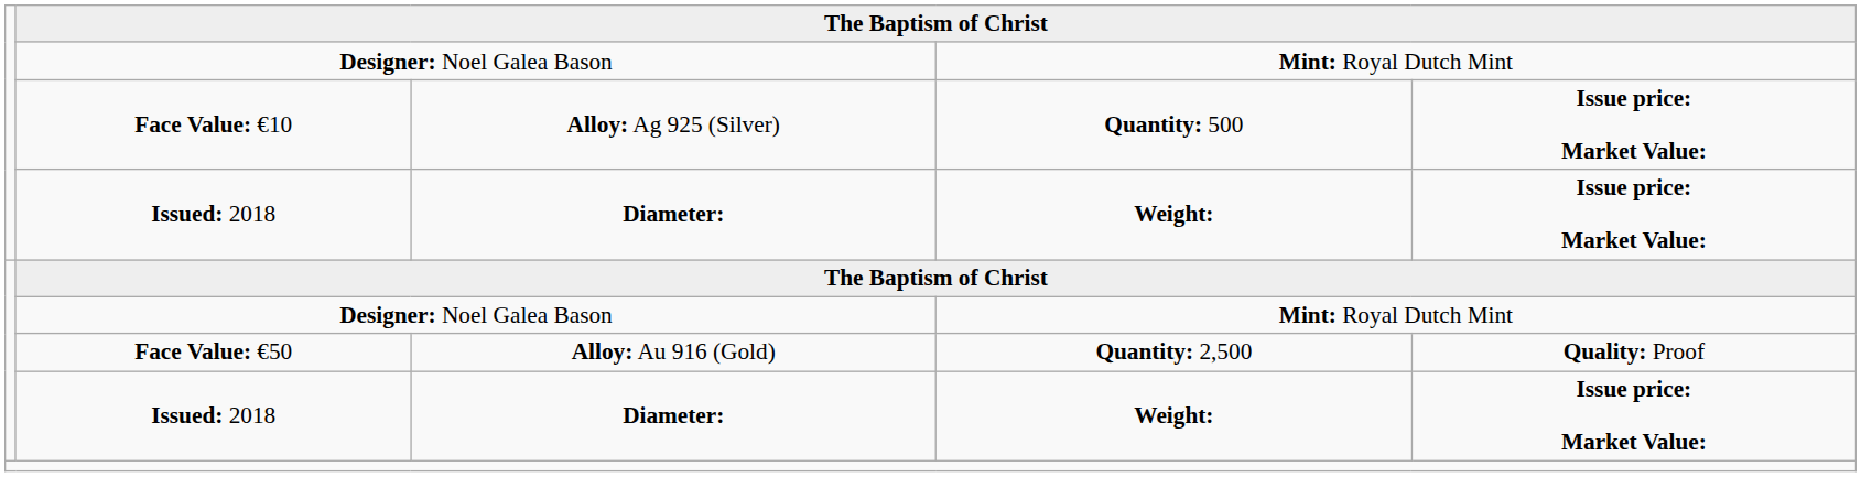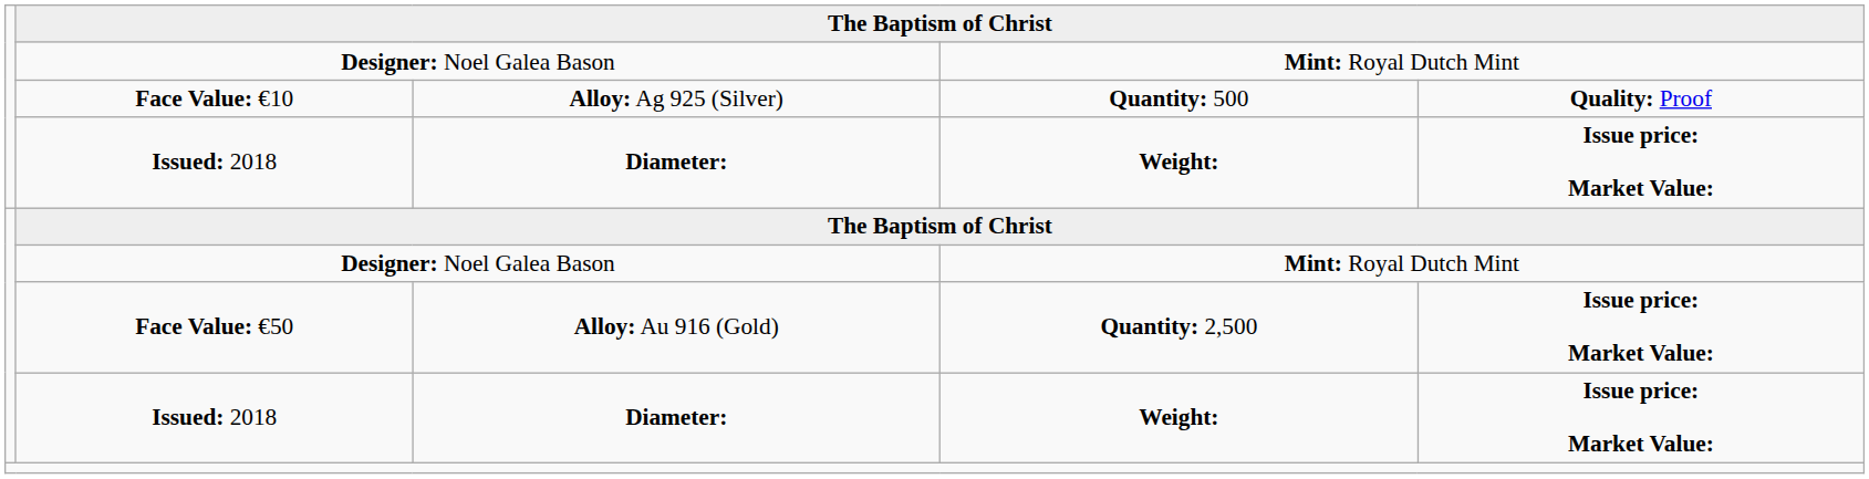 <table class="wikitable" width=100%>
 <tr>
 <td rowspan=4 width="330px" nowrap align=center></td>
 <th colspan="4" align=center style="background:#eeeeee;">The Baptism of Christ</th>
 </tr>
 <tr>
 <td colspan="2" width="50%" align=center><strong>Designer:</strong> Noel Galea Bason</td>
 <td colspan="2" width="50%" align=center><strong>Mint:</strong> Royal Dutch Mint</td>
 </tr>
 <tr>
 <td align=center><strong>Face Value:</strong> €10</td>
 <td align=center><strong>Alloy:</strong> Ag 925 (Silver)</td>
 <td align=center><strong>Quantity:</strong> 500</td>
-<td align=center><strong>Issue price:</strong><br><br> <strong>Market Value:</strong></td>
+<td align=center><strong>Quality:</strong> <a href='#'>Proof</a></td>
 </tr>
 <tr>
 <td align=center><strong>Issued:</strong> 2018</td>
 <td align=center><strong>Diameter:</strong> </td>
 <td align=center><strong>Weight:</strong> </td>
 <td align=center><strong>Issue price:</strong><br><br> <strong>Market Value:</strong></td>
 </tr>
 <tr>
 <td rowspan=4 width="330px" nowrap align=center></td>
 <th colspan="4" align=center style="background:#eeeeee;">The Baptism of Christ</th>
 </tr>
 <tr>
 <td colspan="2" width="50%" align=center><strong>Designer:</strong> Noel Galea Bason</td>
 <td colspan="2" width="50%" align=center><strong>Mint:</strong> Royal Dutch Mint</td>
 </tr>
 <tr>
 <td align=center><strong>Face Value:</strong> €50</td>
 <td align=center><strong>Alloy:</strong> Au 916 (Gold)</td>
 <td align=center><strong>Quantity:</strong> 2,500</td>
-<td align=center><strong>Quality:</strong> Proof</td>
+<td align=center><strong>Issue price:</strong><br><br> <strong>Market Value:</strong></td>
 </tr>
 <tr>
 <td align=center><strong>Issued:</strong> 2018</td>
 <td align=center><strong>Diameter:</strong> </td>
 <td align=center><strong>Weight:</strong> </td>
 <td align=center><strong>Issue price:</strong><br><br> <strong>Market Value:</strong></td>
 </tr>
 <tr>
 <td colspan="5" align=left></td>
 </tr>
 </table>
